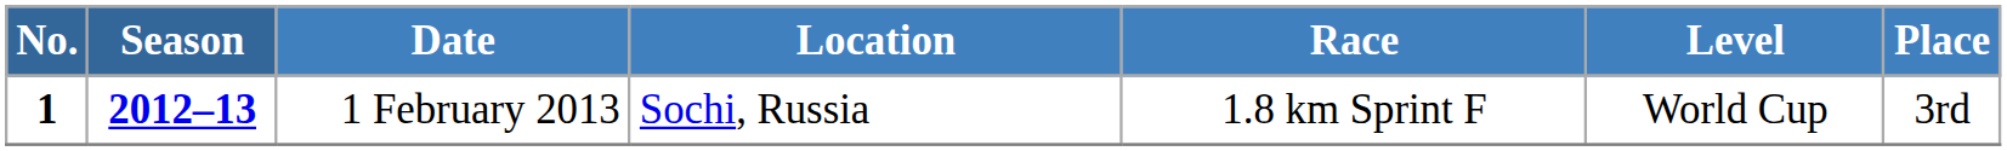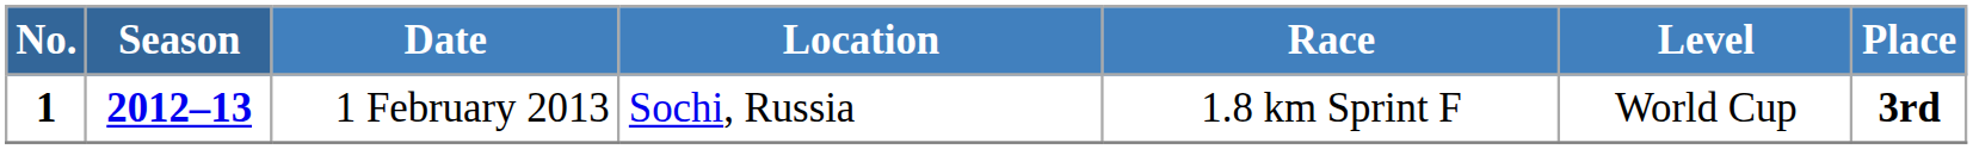 <table class="wikitable sortable" style="font-size:95%; text-align:center; border:grey solid 1px; border-collapse:collapse; background:#ffffff;">
 <tr style="background:#efefef;">
 <th style="background-color:#369; color:white;">No.</th>
 <th style="background-color:#369; color:white;">Season</th>
 <th style="background-color:#4180be; color:white; width:120px;">Date</th>
 <th style="background-color:#4180be; color:white; width:170px;">Location</th>
 <th style="background-color:#4180be; color:white; width:160px;">Race</th>
 <th style="background-color:#4180be; color:white; width:100px;">Level</th>
 <th style="background-color:#4180be; color:white;">Place</th>
 </tr>
 <tr>
 <td align=center><strong>1</strong></td>
 <td rowspan=1 align=center><strong> <a href='#'>2012–13</a> </strong></td>
 <td align=right>1 February 2013</td>
 <td align=left> <a href='#'>Sochi</a>, Russia</td>
 <td>1.8 km Sprint F</td>
 <td>World Cup</td>
-<td>3rd</td>
+<td><strong>3rd</strong></td>
 </tr>
 <tr>
 </tr>
 </table>
